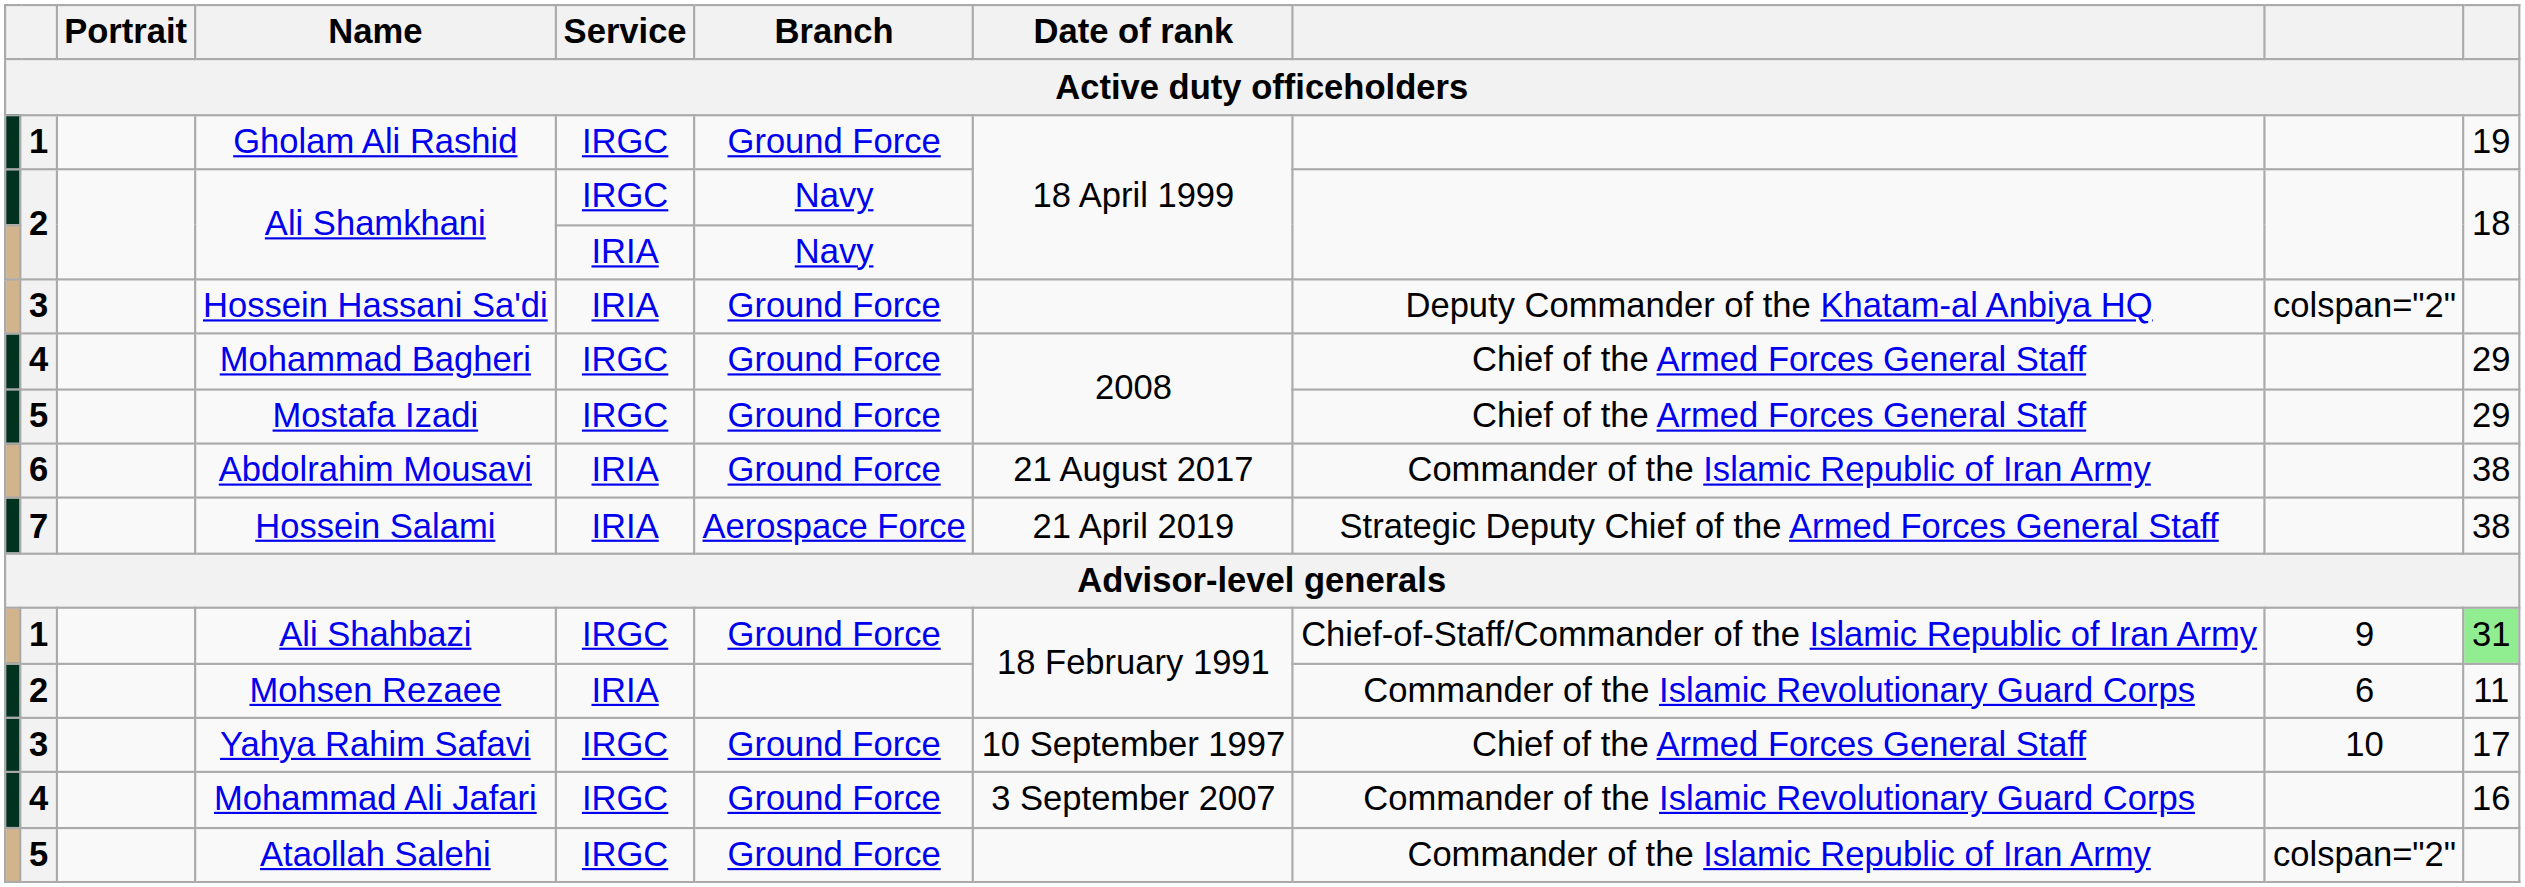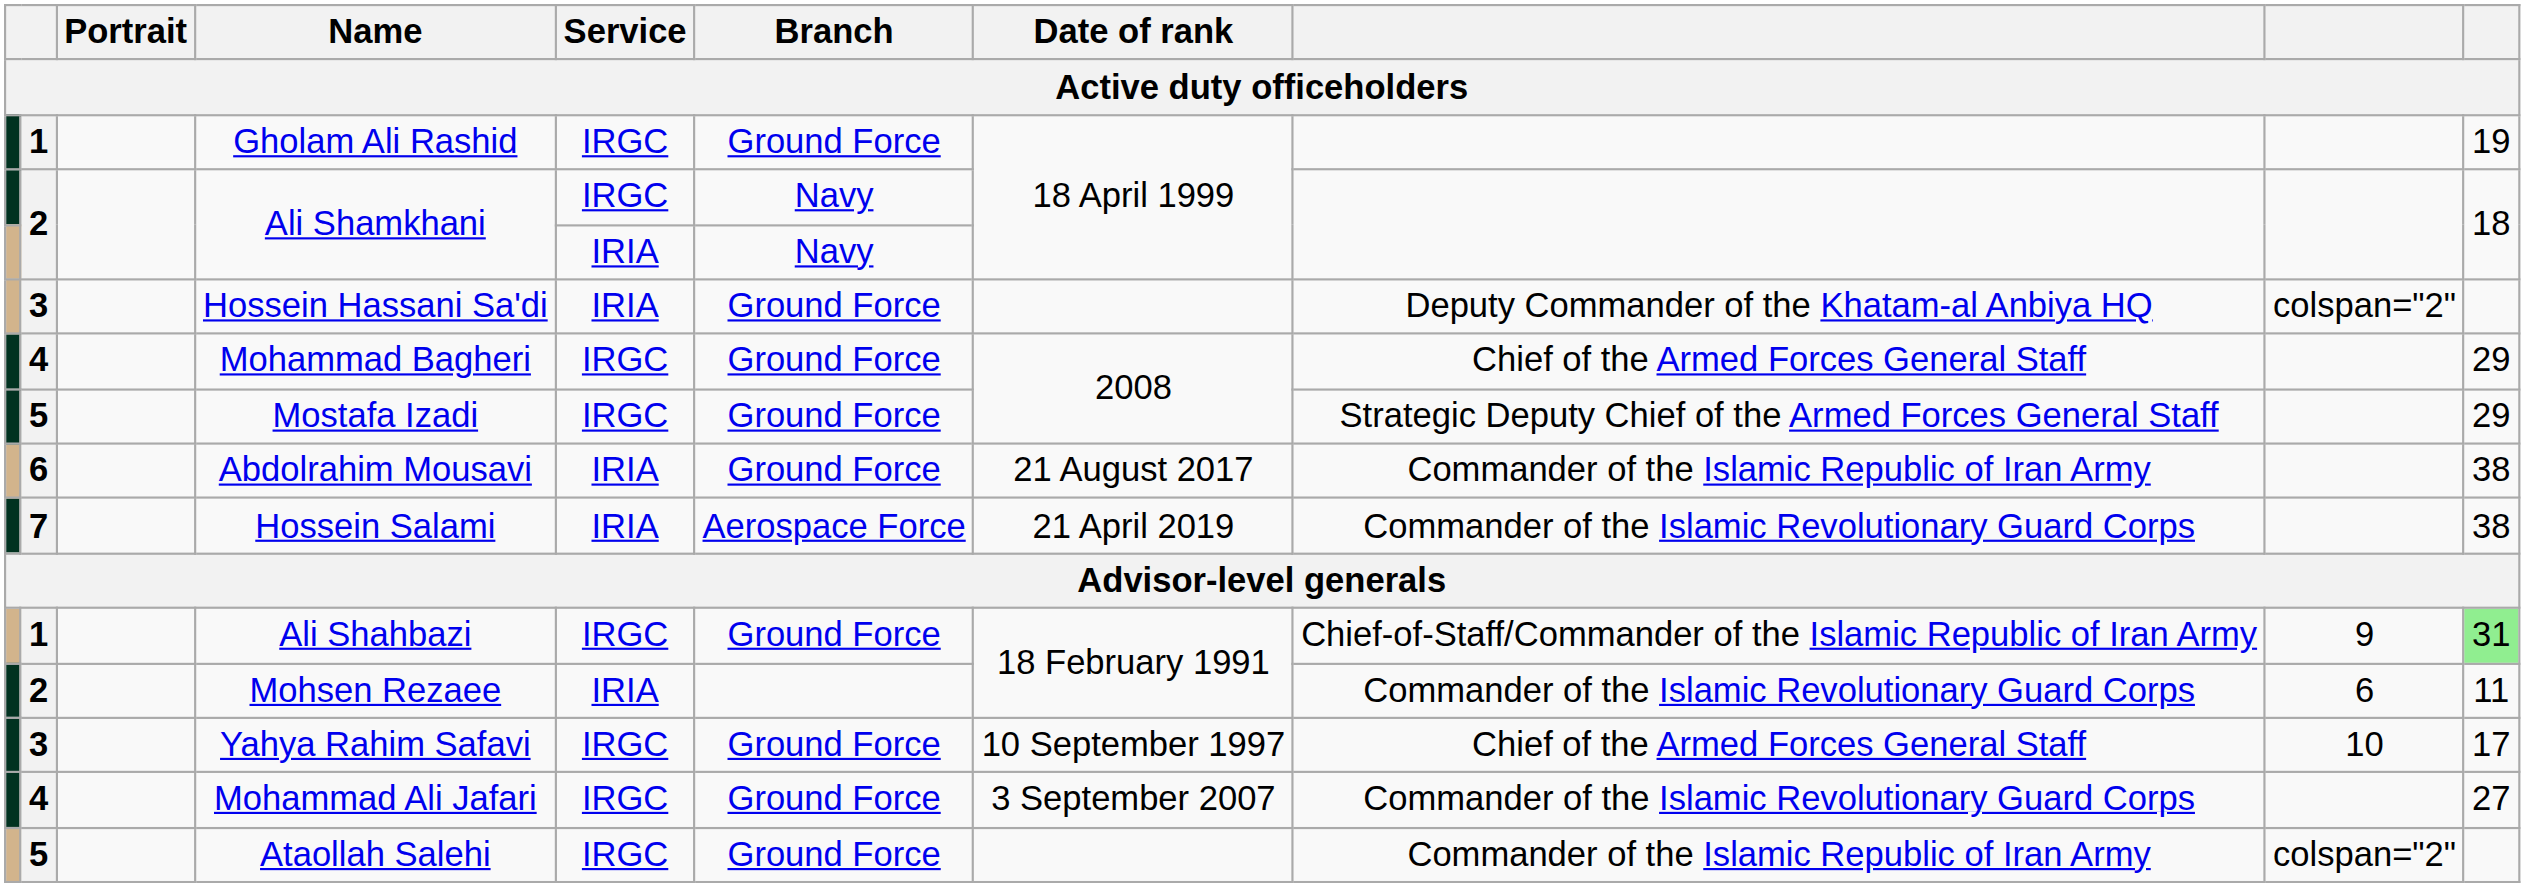 <table class="wikitable" style="text-align: center;">
 <tr>
 <th colspan="2"></th>
 <th>Portrait</th>
 <th>Name</th>
 <th>Service</th>
 <th>Branch</th>
 <th>Date of rank</th>
 <th></th>
 <th></th>
 <th></th>
 </tr>
 <tr>
 <th colspan="10">Active duty officeholders</th>
 </tr>
 <tr>
 <th style="background:#013220"></th>
 <th>1</th>
 <td></td>
 <td><a href='#'>Gholam Ali Rashid</a></td>
 <td><a href='#'>IRGC</a></td>
 <td><a href='#'>Ground Force</a></td>
 <td rowspan="3">18 April 1999</td>
 <td></td>
 <td></td>
 <td>19</td>
 </tr>
 <tr>
 <th style="background:#013220"></th>
 <th rowspan="2">2</th>
 <td rowspan="2"></td>
 <td rowspan="2"><a href='#'>Ali Shamkhani</a></td>
 <td><a href='#'>IRGC</a></td>
 <td><a href='#'>Navy</a></td>
 <td rowspan="2"></td>
 <td rowspan="2"></td>
 <td rowspan="2">18</td>
 </tr>
 <tr>
 <th style="background:#D2B48C"></th>
 <td><a href='#'>IRIA</a></td>
 <td><a href='#'>Navy</a></td>
 </tr>
 <tr>
 <th style="background:#D2B48C"></th>
 <th>3</th>
 <td></td>
 <td><a href='#'>Hossein Hassani Sa'di</a></td>
 <td><a href='#'>IRIA</a></td>
 <td><a href='#'>Ground Force</a></td>
 <td></td>
 <td>Deputy Commander of the <a href='#'>Khatam-al Anbiya HQ</a> </td>
 <td>colspan="2" </td>
 </tr>
 <tr>
 <th style="background:#013220"></th>
 <th>4</th>
 <td></td>
 <td><a href='#'>Mohammad Bagheri</a></td>
 <td><a href='#'>IRGC</a></td>
 <td><a href='#'>Ground Force</a></td>
 <td rowspan="2"> 2008</td>
 <td>Chief of the <a href='#'>Armed Forces General Staff</a> </td>
 <td></td>
 <td>29</td>
 </tr>
 <tr>
 <th style="background:#013220"></th>
 <th>5</th>
 <td></td>
 <td><a href='#'>Mostafa Izadi</a></td>
 <td><a href='#'>IRGC</a></td>
 <td><a href='#'>Ground Force</a></td>
-<td>Chief of the <a href='#'>Armed Forces General Staff</a> </td>
+<td>Strategic Deputy Chief of the <a href='#'>Armed Forces General Staff</a></td>
 <td></td>
 <td>29</td>
 </tr>
 <tr>
 <th style="background:#D2B48C"></th>
 <th>6</th>
 <td></td>
 <td><a href='#'>Abdolrahim Mousavi</a></td>
 <td><a href='#'>IRIA</a></td>
 <td><a href='#'>Ground Force</a></td>
 <td>21 August 2017</td>
 <td>Commander of the <a href='#'>Islamic Republic of Iran Army</a> </td>
 <td></td>
 <td>38</td>
 </tr>
 <tr>
 <th style="background:#013220"></th>
 <th>7</th>
 <td></td>
 <td><a href='#'>Hossein Salami</a></td>
 <td><a href='#'>IRIA</a></td>
 <td><a href='#'>Aerospace Force</a></td>
 <td>21 April 2019</td>
-<td>Strategic Deputy Chief of the <a href='#'>Armed Forces General Staff</a></td>
+<td>Commander of the <a href='#'>Islamic Revolutionary Guard Corps</a> </td>
 <td></td>
 <td>38</td>
 </tr>
 <tr>
 <th colspan="10">Advisor-level generals</th>
 </tr>
 <tr>
 <th style="background:#D2B48C"></th>
 <th>1</th>
 <td></td>
 <td><a href='#'>Ali Shahbazi</a></td>
 <td><a href='#'>IRGC</a></td>
 <td><a href='#'>Ground Force</a></td>
 <td rowspan="2">18 February 1991</td>
 <td>Chief-of-Staff/Commander of the <a href='#'>Islamic Republic of Iran Army</a> </td>
 <td>9</td>
 <td style="background: lightgreen;">31</td>
 </tr>
 <tr>
 <th style="background:#013220"></th>
 <th>2</th>
 <td></td>
 <td><a href='#'>Mohsen Rezaee</a></td>
 <td><a href='#'>IRIA</a></td>
 <td></td>
 <td>Commander of the <a href='#'>Islamic Revolutionary Guard Corps</a> </td>
 <td>6</td>
 <td>11</td>
 </tr>
 <tr>
 <th style="background:#013220"></th>
 <th>3</th>
 <td></td>
 <td><a href='#'>Yahya Rahim Safavi</a></td>
 <td><a href='#'>IRGC</a></td>
 <td><a href='#'>Ground Force</a></td>
 <td>10 September 1997</td>
 <td>Chief of the <a href='#'>Armed Forces General Staff</a> </td>
 <td>10</td>
 <td>17</td>
 </tr>
 <tr>
 <th style="background:#013220"></th>
 <th>4</th>
 <td></td>
 <td><a href='#'>Mohammad Ali Jafari</a></td>
 <td><a href='#'>IRGC</a></td>
 <td><a href='#'>Ground Force</a></td>
 <td>3 September 2007</td>
 <td>Commander of the <a href='#'>Islamic Revolutionary Guard Corps</a> </td>
 <td></td>
-<td>16</td>
+<td>27</td>
 </tr>
 <tr>
 <th style="background:#D2B48C"></th>
 <th>5</th>
 <td></td>
 <td><a href='#'>Ataollah Salehi</a></td>
 <td><a href='#'>IRGC</a></td>
 <td><a href='#'>Ground Force</a></td>
 <td></td>
 <td>Commander of the <a href='#'>Islamic Republic of Iran Army</a> </td>
 <td>colspan="2" </td>
 </tr>
 </table>
